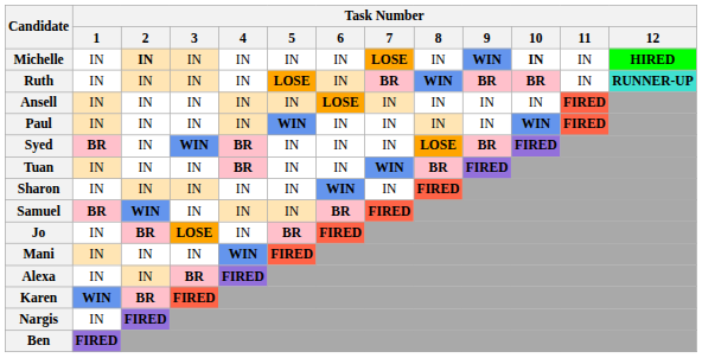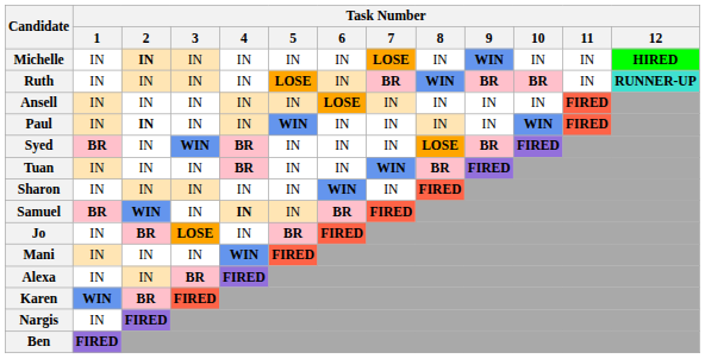 <table class="wikitable" style="text-align:center">
 <tr>
 <th rowspan="2">Candidate</th>
 <th colspan="13">Task Number</th>
 </tr>
 <tr>
 <th>1</th>
 <th>2</th>
 <th>3</th>
 <th>4</th>
 <th>5</th>
 <th>6</th>
 <th>7</th>
 <th>8</th>
 <th>9</th>
 <th>10</th>
 <th>11</th>
 <th>12</th>
 </tr>
 <tr>
 <th>Michelle</th>
 <td style="background:white;">IN</td>
 <td style="background:#FFE5B4;"><strong>IN</strong></td>
 <td style="background:#FFE5B4;">IN</td>
 <td style="background:white;">IN</td>
 <td style="background:white;">IN</td>
 <td style="background:white;">IN</td>
 <td style="background:orange;"><strong>LOSE</strong></td>
 <td style="background:white;">IN</td>
 <td style="background:cornflowerblue;"><strong>WIN</strong></td>
-<td style="background:white;"><strong>IN</strong></td>
+<td style="background:white;">IN</td>
 <td style="background:white;">IN</td>
 <td style="background:lime;"><strong>HIRED</strong></td>
 </tr>
 <tr>
 <th>Ruth</th>
 <td style="background:white;">IN</td>
 <td style="background:#FFE5B4;">IN</td>
 <td style="background:#FFE5B4;">IN</td>
 <td style="background:white;">IN</td>
 <td style="background:orange;"><strong>LOSE</strong></td>
 <td style="background:#FFE5B4;">IN</td>
 <td style="background:pink;"><strong>BR</strong></td>
 <td style="background:cornflowerblue;"><strong>WIN</strong></td>
 <td style="background:pink;"><strong>BR</strong></td>
 <td style="background:pink;"><strong>BR</strong></td>
 <td style="background:white;">IN</td>
 <td style="background:turquoise;"><strong>RUNNER-UP</strong></td>
 </tr>
 <tr>
 <th>Ansell</th>
 <td style="background:#FFE5B4;">IN</td>
 <td style="background:white;">IN</td>
 <td style="background:white;">IN</td>
 <td style="background:#FFE5B4;">IN</td>
 <td style="background:#FFE5B4;">IN</td>
 <td style="background:orange;"><strong>LOSE</strong></td>
 <td style="background:#FFE5B4;">IN</td>
 <td style="background:white;">IN</td>
 <td style="background:white;">IN</td>
 <td style="background:white;">IN</td>
 <td style="background:tomato;"><strong>FIRED</strong></td>
 <td colspan="1" style="background:darkgrey;"></td>
 </tr>
 <tr>
 <th>Paul</th>
 <td style="background:#FFE5B4;">IN</td>
-<td style="background:white;">IN</td>
+<td style="background:white;"><strong>IN</strong></td>
 <td style="background:white;">IN</td>
 <td style="background:#FFE5B4;">IN</td>
 <td style="background:cornflowerblue;"><strong>WIN</strong></td>
 <td style="background:white;">IN</td>
 <td style="background:white;">IN</td>
 <td style="background:#FFE5B4;">IN</td>
 <td style="background:white;">IN</td>
 <td style="background:cornflowerblue;"><strong>WIN</strong></td>
 <td style="background:tomato;"><strong>FIRED</strong></td>
 <td colspan="1" style="background:darkgrey;"></td>
 </tr>
 <tr>
 <th>Syed</th>
 <td style="background:pink;"><strong>BR</strong></td>
 <td style="background:white;">IN</td>
 <td style="background:cornflowerblue;"><strong>WIN</strong></td>
 <td style="background:pink;"><strong>BR</strong></td>
 <td style="background:white;">IN</td>
 <td style="background:white;">IN</td>
 <td style="background:white;">IN</td>
 <td style="background:orange;"><strong>LOSE</strong></td>
 <td style="background:pink;"><strong>BR</strong></td>
 <td style="background:#9370DB;"><strong>FIRED</strong></td>
 <td colspan="2" style="background:darkgrey;"></td>
 </tr>
 <tr>
 <th>Tuan</th>
 <td style="background:#FFE5B4;">IN</td>
 <td style="background:white;">IN</td>
 <td style="background:white;">IN</td>
 <td style="background:pink;"><strong>BR</strong></td>
 <td style="background:white;">IN</td>
 <td style="background:white;">IN</td>
 <td style="background:cornflowerblue;"><strong>WIN</strong></td>
 <td style="background:pink;"><strong>BR</strong></td>
 <td style="background:#9370DB;"><strong>FIRED</strong></td>
 <td colspan="3" style="background:darkgrey;"></td>
 </tr>
 <tr>
 <th>Sharon</th>
 <td style="background:white;">IN</td>
 <td style="background:#FFE5B4;">IN</td>
 <td style="background:#FFE5B4;">IN</td>
 <td style="background:white;">IN</td>
 <td style="background:white;">IN</td>
 <td style="background:cornflowerblue;"><strong>WIN</strong></td>
 <td style="background:white;">IN</td>
 <td style="background:tomato;"><strong>FIRED</strong></td>
 <td colspan="4" style="background:darkgrey;"></td>
 </tr>
 <tr>
 <th>Samuel</th>
 <td style="background:pink;"><strong>BR</strong></td>
 <td style="background:cornflowerblue;"><strong>WIN</strong></td>
 <td style="background:white;">IN</td>
-<td style="background:#FFE5B4;">IN</td>
+<td style="background:#FFE5B4;"><strong>IN</strong></td>
 <td style="background:#FFE5B4;">IN</td>
 <td style="background:pink;"><strong>BR</strong></td>
 <td style="background:tomato;"><strong>FIRED</strong></td>
 <td colspan="5" style="background:darkgrey;"></td>
 </tr>
 <tr>
 <th>Jo</th>
 <td style="background:white;">IN</td>
 <td style="background:pink;"><strong>BR</strong></td>
 <td style="background:orange;"><strong>LOSE</strong></td>
 <td style="background:white;">IN</td>
 <td style="background:pink;"><strong>BR</strong></td>
 <td style="background:tomato;"><strong>FIRED</strong></td>
 <td colspan="6" style="background:darkgrey;"></td>
 </tr>
 <tr>
 <th>Mani</th>
 <td style="background:#FFE5B4;">IN</td>
 <td style="background:white;">IN</td>
 <td style="background:white;">IN</td>
 <td style="background:cornflowerblue;"><strong>WIN</strong></td>
 <td style="background:tomato;"><strong>FIRED</strong></td>
 <td colspan="7" style="background:darkgrey;"></td>
 </tr>
 <tr>
 <th>Alexa</th>
 <td style="background:white;">IN</td>
 <td style="background:#FFE5B4;">IN</td>
 <td style="background:pink;"><strong>BR</strong></td>
 <td style="background:#9370DB;"><strong>FIRED</strong></td>
 <td colspan="8" style="background:darkgrey;"></td>
 </tr>
 <tr>
 <th>Karen</th>
 <td style="background:cornflowerblue;"><strong>WIN</strong></td>
 <td style="background:pink;"><strong>BR</strong></td>
 <td style="background:tomato;"><strong>FIRED</strong></td>
 <td colspan="9" style="background:darkgrey;"></td>
 </tr>
 <tr>
 <th>Nargis</th>
 <td style="background:white;">IN</td>
 <td style="background:#9370DB;"><strong>FIRED</strong></td>
 <td colspan="10" style="background:darkgrey;"></td>
 </tr>
 <tr>
 <th>Ben</th>
 <td style="background:#9370DB;"><strong>FIRED</strong></td>
 <td colspan="11" style="background:darkgrey;"></td>
 </tr>
 </table>
